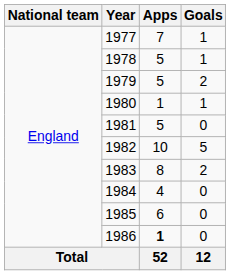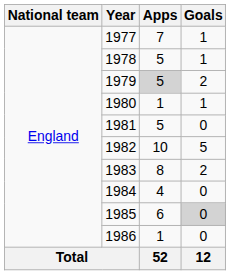 <table class="wikitable" style="text-align:center">
 <tr>
 <th>National team</th>
 <th>Year</th>
 <th>Apps</th>
 <th>Goals</th>
 </tr>
 <tr>
 <td rowspan=10><a href='#'>England</a></td>
 <td>1977</td>
 <td>7</td>
 <td>1</td>
 </tr>
 <tr>
 <td>1978</td>
 <td>5</td>
 <td>1</td>
 </tr>
 <tr>
 <td>1979</td>
-<td>5</td>
+<td style="background: lightgrey;">5</td>
 <td>2</td>
 </tr>
 <tr>
 <td>1980</td>
 <td>1</td>
 <td>1</td>
 </tr>
 <tr>
 <td>1981</td>
 <td>5</td>
 <td>0</td>
 </tr>
 <tr>
 <td>1982</td>
 <td>10</td>
 <td>5</td>
 </tr>
 <tr>
 <td>1983</td>
 <td>8</td>
 <td>2</td>
 </tr>
 <tr>
 <td>1984</td>
 <td>4</td>
 <td>0</td>
 </tr>
 <tr>
 <td>1985</td>
 <td>6</td>
-<td>0</td>
+<td style="background: lightgrey;">0</td>
 </tr>
 <tr>
 <td>1986</td>
-<td><strong>1</strong></td>
+<td>1</td>
 <td>0</td>
 </tr>
 <tr>
 <th colspan="2">Total</th>
 <th>52</th>
 <th>12</th>
 </tr>
 </table>
